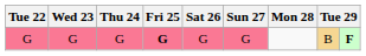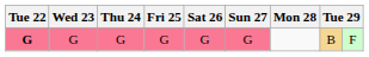 <table class="wikitable" style="margin:0.5em auto; font-size:90%; line-height:1.25em; text-align:center">
 <tr>
 <th>Tue 22</th>
 <th>Wed 23</th>
 <th>Thu 24</th>
 <th>Fri 25</th>
 <th>Sat 26</th>
 <th>Sun 27</th>
 <th>Mon 28</th>
 <th colspan="2">Tue 29</th>
 </tr>
 <tr>
+<td bgcolor="#FA7894"><strong>G</strong></td>
 <td bgcolor="#FA7894">G</td>
 <td bgcolor="#FA7894">G</td>
 <td bgcolor="#FA7894">G</td>
-<td bgcolor="#FA7894"><strong>G</strong></td>
 <td bgcolor="#FA7894">G</td>
 <td bgcolor="#FA7894">G</td>
 <td></td>
 <td bgcolor="#F6D792">B</td>
-<td bgcolor="#ccffcc"><strong>F</strong></td>
+<td bgcolor="#ccffcc">F</td>
 </tr>
 </table>
